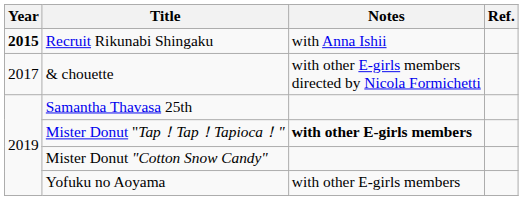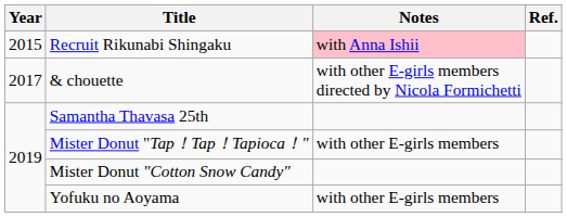 <table class="wikitable">
 <tr>
 <th>Year</th>
 <th>Title</th>
 <th>Notes</th>
 <th>Ref.</th>
 </tr>
 <tr>
-<td><strong>2015</strong></td>
+<td>2015</td>
 <td><a href='#'>Recruit</a> Rikunabi Shingaku</td>
-<td>with <a href='#'>Anna Ishii</a></td>
+<td style="background: pink;">with <a href='#'>Anna Ishii</a></td>
 <td></td>
 </tr>
 <tr>
 <td>2017</td>
 <td>& chouette</td>
 <td>with other <a href='#'>E-girls</a> members<br>directed by <a href='#'>Nicola Formichetti</a></td>
 <td></td>
 </tr>
 <tr>
 <td rowspan="4">2019</td>
 <td><a href='#'>Samantha Thavasa</a> 25th</td>
 <td></td>
 <td></td>
 </tr>
 <tr>
 <td><a href='#'>Mister Donut</a> "<em>Tap！Tap！Tapioca！"</em></td>
-<td><strong>with other E-girls members</strong></td>
+<td>with other E-girls members</td>
 <td></td>
 </tr>
 <tr>
 <td>Mister Donut <em>"Cotton Snow Candy"</em></td>
 <td></td>
 <td></td>
 </tr>
 <tr>
 <td>Yofuku no Aoyama</td>
 <td>with other E-girls members</td>
 <td></td>
 </tr>
 </table>
